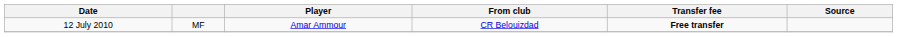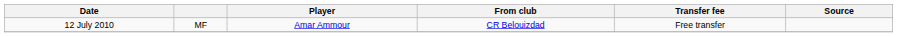 <table class="wikitable sortable" style="width:70%; text-align:center; font-size:85%; text-align:centre;">
 <tr>
 <th>Date</th>
 <th></th>
 <th>Player</th>
 <th>From club</th>
 <th>Transfer fee</th>
 <th>Source</th>
 </tr>
 <tr>
 <td>12 July 2010</td>
 <td>MF</td>
 <td> <a href='#'>Amar Ammour</a></td>
 <td><a href='#'>CR Belouizdad</a></td>
-<td><strong>Free transfer</strong></td>
+<td>Free transfer</td>
 <td></td>
 </tr>
 <tr>
 </tr>
 </table>
